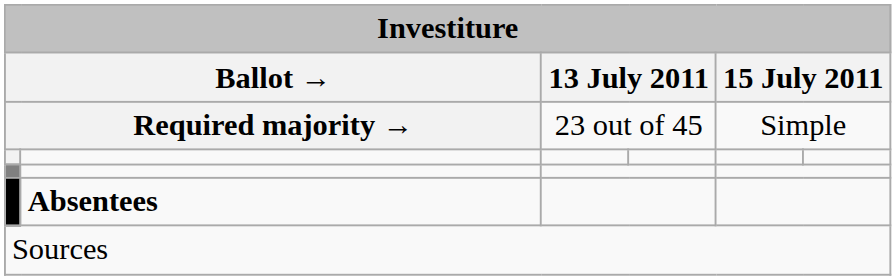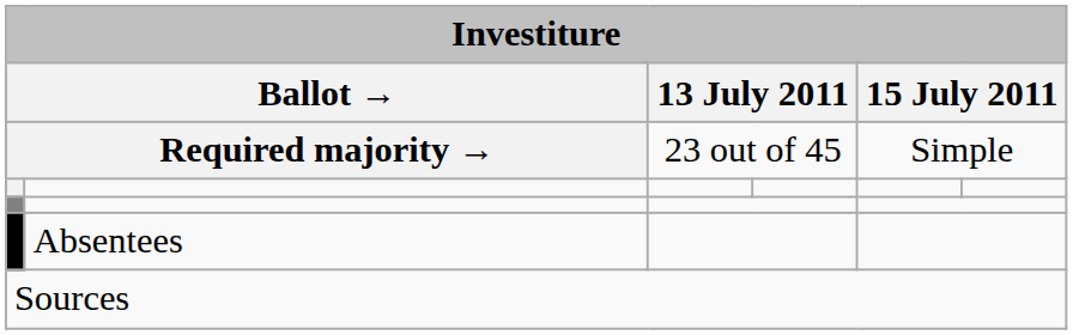 <table class="wikitable" style="text-align:center;">
 <tr bgcolor="#E9E9E9">
 <td colspan="6" align="center" bgcolor="#C0C0C0"><strong>Investiture</strong></td>
 </tr>
 <tr>
 <th colspan="2" width="275px">Ballot →</th>
 <th colspan="2">13 July 2011</th>
 <th colspan="2">15 July 2011</th>
 </tr>
 <tr>
 <th colspan="2">Required majority →</th>
 <td colspan="2">23 out of 45</td>
 <td colspan="2">Simple</td>
 </tr>
 <tr>
 <th width="1px" style="background:"></th>
 <td align="left"></td>
 <td></td>
 <td></td>
 <td></td>
 <td></td>
 </tr>
 <tr>
 <th style="color:inherit;background:gray;"></th>
 <td align="left"></td>
 <td colspan="2"></td>
 <td colspan="2"></td>
 </tr>
 <tr>
 <th style="color:inherit;background:black;"></th>
-<td align="left"><strong><span>Absentees</span></strong></td>
+<td align="left"><span>Absentees</span></td>
 <td colspan="2"></td>
 <td colspan="2"></td>
 </tr>
 <tr>
 <td align="left" colspan="6">Sources</td>
 </tr>
 </table>
